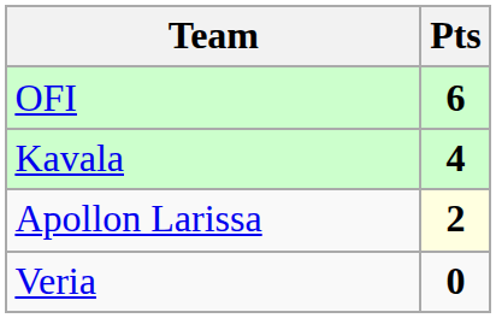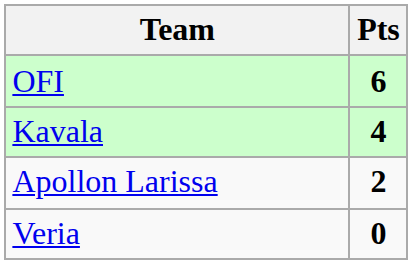 <table class="wikitable" style="text-align: center;">
 <tr>
 <th width=165>Team</th>
 <th width=20>Pts</th>
 </tr>
 <tr bgcolor="#ccffcc">
 <td align=left><a href='#'>OFI</a></td>
 <td><strong>6</strong></td>
 </tr>
 <tr bgcolor="#ccffcc">
 <td align=left><a href='#'>Kavala</a></td>
 <td><strong>4</strong></td>
 </tr>
 <tr>
 <td align=left><a href='#'>Apollon Larissa</a></td>
-<td style="background: lightyellow;"><strong>2</strong></td>
+<td><strong>2</strong></td>
 </tr>
 <tr>
 <td align=left><a href='#'>Veria</a></td>
 <td><strong>0</strong></td>
 </tr>
 </table>
